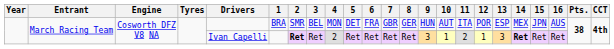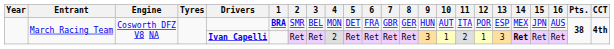 <table class="wikitable" style="text-align:center; font-size:95%">
 <tr>
 <th>Year</th>
 <th>Entrant</th>
 <th>Engine</th>
 <th>Tyres</th>
 <th>Drivers</th>
 <th>1</th>
 <th>2</th>
 <th>3</th>
 <th>4</th>
 <th>5</th>
 <th>6</th>
 <th>7</th>
 <th>8</th>
 <th>9</th>
 <th>10</th>
 <th>11</th>
 <th>12</th>
 <th>13</th>
 <th>14</th>
 <th>15</th>
 <th>16</th>
 <th>Pts.</th>
 <th>CCT</th>
 </tr>
 <tr>
 <td rowspan="2"></td>
 <td rowspan="2"><a href='#'>March Racing Team</a></td>
 <td rowspan="2"><a href='#'>Cosworth DFZ</a><br><a href='#'>V8</a> <a href='#'>NA</a></td>
 <td rowspan="2"></td>
 <td></td>
-<td><a href='#'>BRA</a></td>
+<td><strong><a href='#'>BRA</a></strong></td>
 <td><a href='#'>SMR</a></td>
 <td><a href='#'>BEL</a></td>
 <td><a href='#'>MON</a></td>
 <td><a href='#'>DET</a></td>
 <td><a href='#'>FRA</a></td>
 <td><a href='#'>GBR</a></td>
 <td><a href='#'>GER</a></td>
 <td><a href='#'>HUN</a></td>
 <td><a href='#'>AUT</a></td>
 <td><a href='#'>ITA</a></td>
 <td><a href='#'>POR</a></td>
 <td><a href='#'>ESP</a></td>
 <td><a href='#'>MEX</a></td>
 <td><a href='#'>JPN</a></td>
 <td><a href='#'>AUS</a></td>
 <td rowspan="2"><strong>38</strong></td>
 <td rowspan="2"><strong>4th</strong></td>
 </tr>
 <tr>
-<td align="left"><a href='#'>Ivan Capelli</a></td>
+<td align="left"><strong><a href='#'>Ivan Capelli</a></strong></td>
 <td></td>
-<td style="background:#efcfff;"><strong>Ret</strong></td>
+<td style="background:#efcfff;">Ret</td>
 <td style="background:#efcfff;">Ret</td>
 <td style="background:#dfdfdf;">2</td>
 <td style="background:#efcfff;">Ret</td>
 <td style="background:#efcfff;">Ret</td>
 <td style="background:#efcfff;">Ret</td>
 <td style="background:#efcfff;">Ret</td>
 <td style="background:#ffdf9f;">3</td>
 <td style="background:#ffffbf;">1</td>
 <td style="background:#dfdfdf;">2</td>
 <td style="background:#ffffbf;">1</td>
 <td style="background:#ffdf9f;">3</td>
 <td style="background:#efcfff;"><strong>Ret</strong></td>
 <td style="background:#efcfff;">Ret</td>
 <td style="background:#efcfff;">Ret</td>
 </tr>
 </table>
